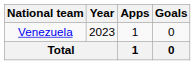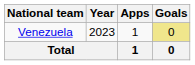 <table class="wikitable" style="text-align:center">
 <tr>
 <th>National team</th>
 <th>Year</th>
 <th>Apps</th>
 <th>Goals</th>
 </tr>
 <tr>
 <td rowspan="1"><a href='#'>Venezuela</a></td>
 <td>2023</td>
 <td>1</td>
-<td>0</td>
+<td style="background: khaki;">0</td>
 </tr>
 <tr>
 <th colspan=2>Total</th>
 <th>1</th>
 <th>0</th>
 </tr>
 </table>
